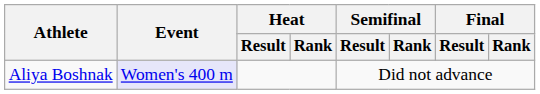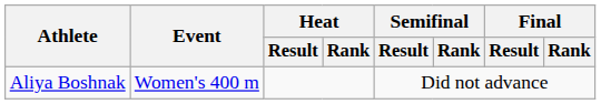 <table class="wikitable" style="font-size:90%">
 <tr>
 <th rowspan="2">Athlete</th>
 <th rowspan="2">Event</th>
 <th colspan="2">Heat</th>
 <th colspan="2">Semifinal</th>
 <th colspan="2">Final</th>
 </tr>
 <tr style="font-size:95%">
 <th>Result</th>
 <th>Rank</th>
 <th>Result</th>
 <th>Rank</th>
 <th>Result</th>
 <th>Rank</th>
 </tr>
 <tr align=center>
 <td align=left><a href='#'>Aliya Boshnak</a></td>
-<td align=left style="background: lavender;"><a href='#'>Women's 400 m</a></td>
+<td align=left><a href='#'>Women's 400 m</a></td>
 <td colspan=2></td>
 <td colspan=4>Did not advance</td>
 </tr>
 </table>
